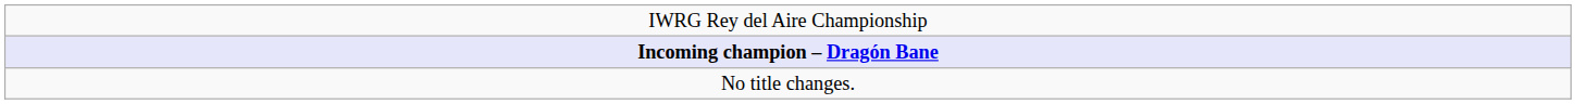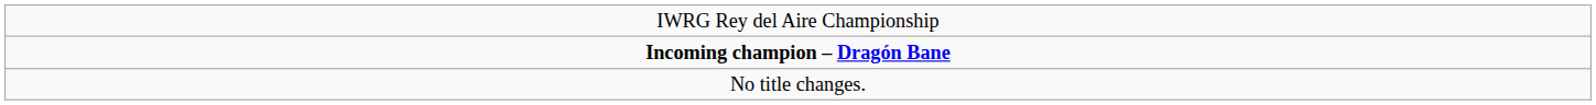 <table class="wikitable" style="text-align:center; width:100%;">
 <tr>
 <td style="text-align: center;">IWRG Rey del Aire Championship</td>
 </tr>
 <tr>
-<td style="background: lavender; text-align: center;"><strong>Incoming champion – <a href='#'>Dragón Bane</a></strong></td>
+<td style="text-align: center;"><strong>Incoming champion – <a href='#'>Dragón Bane</a></strong></td>
 </tr>
 <tr>
 <td>No title changes.</td>
 </tr>
 </table>
